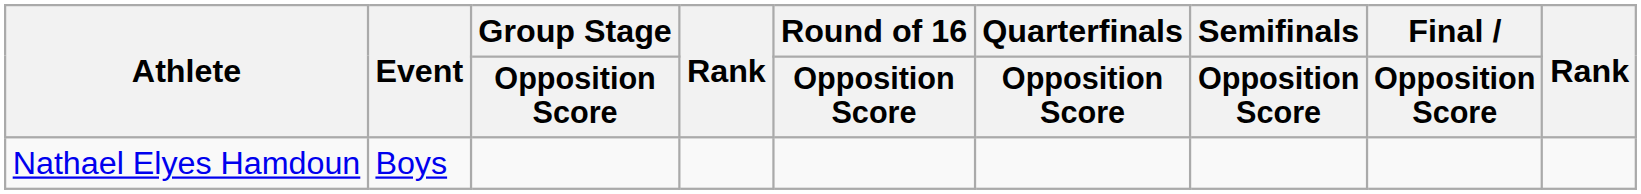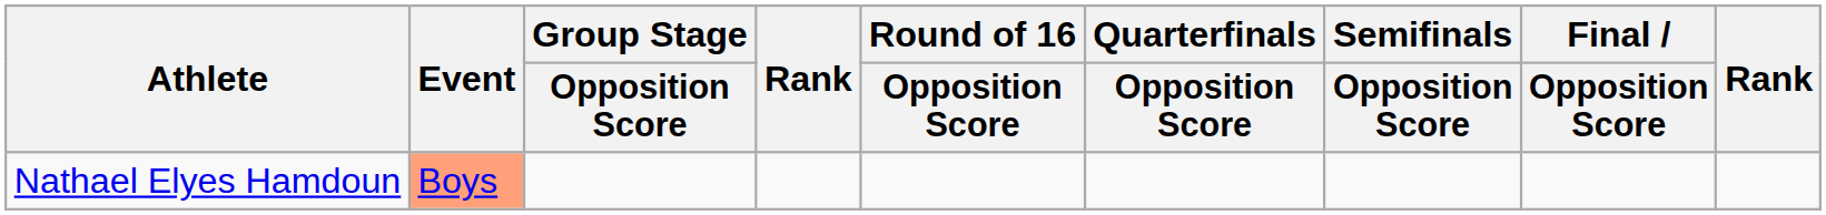 <table class=wikitable style="font-size:90%">
 <tr>
 <th rowspan="2">Athlete</th>
 <th rowspan="2">Event</th>
 <th>Group Stage</th>
 <th rowspan="2">Rank</th>
 <th>Round of 16</th>
 <th>Quarterfinals</th>
 <th>Semifinals</th>
 <th>Final / </th>
 <th rowspan=2>Rank</th>
 </tr>
 <tr style="font-size:95%">
 <th>Opposition<br>Score</th>
 <th>Opposition<br>Score</th>
 <th>Opposition<br>Score</th>
 <th>Opposition<br>Score</th>
 <th>Opposition<br>Score</th>
 </tr>
 <tr align=center>
 <td align=left><a href='#'>Nathael Elyes Hamdoun</a></td>
-<td align=left><a href='#'>Boys</a></td>
+<td align=left style="background: lightsalmon;"><a href='#'>Boys</a></td>
 <td></td>
 <td></td>
 <td></td>
 <td></td>
 <td></td>
 <td></td>
 <td></td>
 </tr>
 </table>
